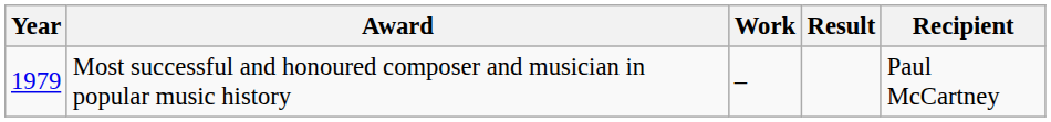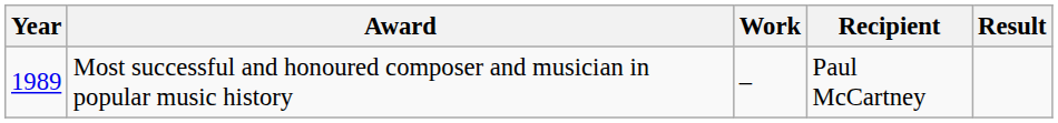 <table class="wikitable sortable"  style="font-size:95%; width:50%;">
 <tr>
 <th>Year</th>
 <th>Award</th>
 <th>Work</th>
+<th>Recipient</th>
 <th>Result</th>
-<th>Recipient</th>
 </tr>
 <tr>
-<td><a href='#'>1979</a></td>
+<td><a href='#'>1989</a></td>
 <td>Most successful and honoured composer and musician in popular music history</td>
 <td>–</td>
+<td>Paul McCartney</td>
 <td></td>
-<td>Paul McCartney</td>
 </tr>
 </table>
